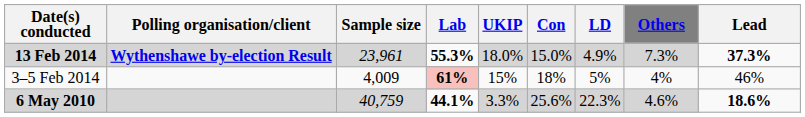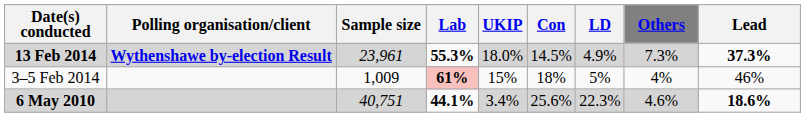 <table class="wikitable sortable" style="text-align:center;font-size:90%;line-height:14px">
 <tr>
 <th ! style="width:85px;">Date(s)<br>conducted</th>
 <th style="width:200px;">Polling organisation/client</th>
 <th class="unsortable" style="width:75px;">Sample size</th>
 <th class="unsortable" style="background:"><a href='#'><span>Lab</span></a></th>
 <th class="unsortable" style="background:"><a href='#'><span>UKIP</span></a></th>
 <th class="unsortable" style="background:"><a href='#'><span>Con</span></a></th>
 <th class="unsortable" style="background:"><a href='#'><span>LD</span></a></th>
 <th class="unsortable" style="background:gray; width:60px;"><a href='#'><span>Others</span></a></th>
 <th class="unsortable" style="width:85px;">Lead</th>
 </tr>
 <tr>
 <td style="background:#D5D5D5"><strong>13 Feb 2014</strong></td>
 <td style="background:#D5D5D5"><strong><a href='#'>Wythenshawe by-election Result</a></strong></td>
 <td style="background:#D5D5D5"><em>23,961</em></td>
 <td style="background:"><strong>55.3%</strong></td>
 <td style="background:#D5D5D5">18.0%</td>
-<td style="background:#D5D5D5">15.0%</td>
+<td style="background:#D5D5D5">14.5%</td>
 <td style="background:#D5D5D5">4.9%</td>
 <td style="background:#D5D5D5">7.3%</td>
 <td style="background:"><strong>37.3% </strong></td>
 </tr>
 <tr>
 <td>3–5 Feb 2014</td>
 <td></td>
-<td>4,009</td>
+<td>1,009</td>
 <td style="background:#F8C1BE"><strong>61%</strong></td>
 <td>15%</td>
 <td>18%</td>
 <td>5%</td>
 <td>4%</td>
 <td style="background:">46%</td>
 </tr>
 <tr>
 <td style="background:#D5D5D5"><strong>6 May 2010</strong></td>
 <td style="background:#D5D5D5"></td>
-<td style="background:#D5D5D5"><em>40,759</em></td>
+<td style="background:#D5D5D5"><em>40,751</em></td>
 <td style="background:"><strong>44.1%</strong></td>
-<td style="background:#D5D5D5">3.3%</td>
+<td style="background:#D5D5D5">3.4%</td>
 <td style="background:#D5D5D5">25.6%</td>
 <td style="background:#D5D5D5">22.3%</td>
 <td style="background:#D5D5D5">4.6%</td>
 <td style="background:"><strong>18.6% </strong></td>
 </tr>
 </table>
